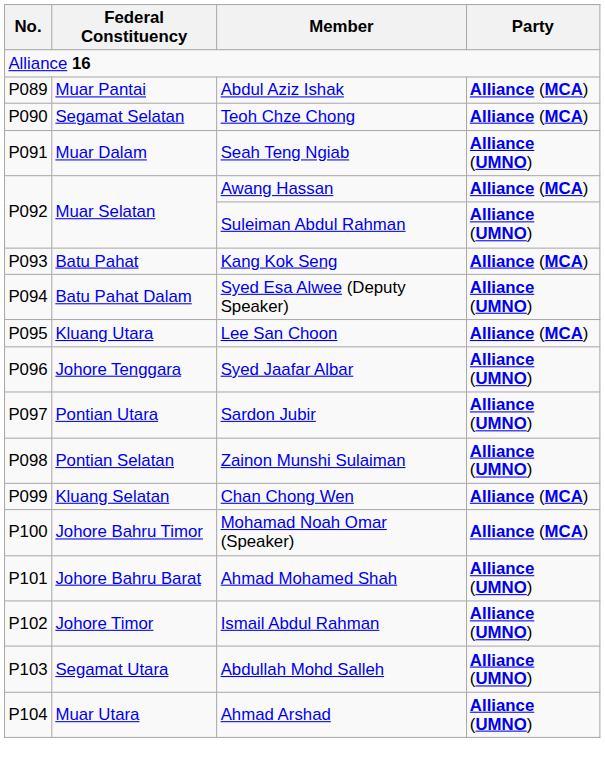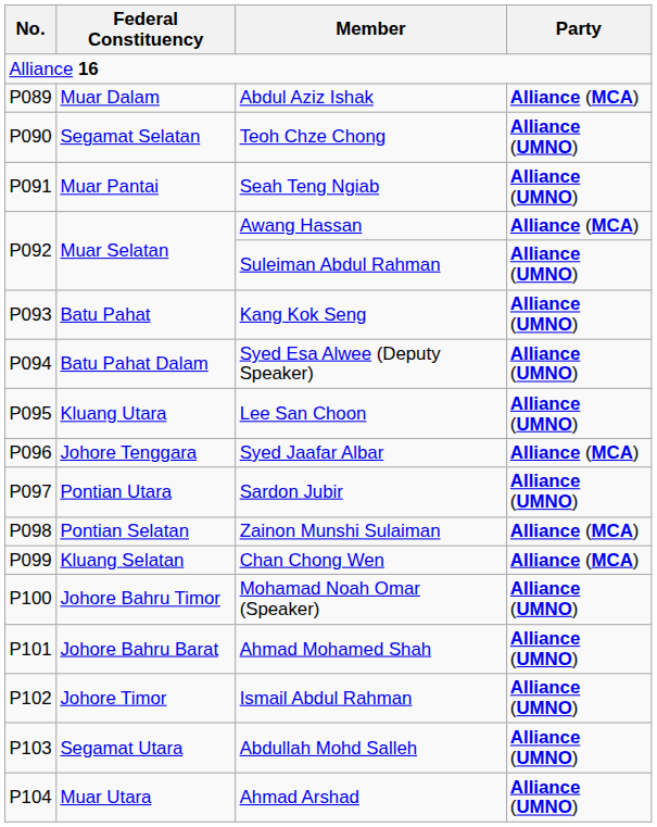 <table class="wikitable sortable">
 <tr>
 <th style="width:30px;">No.</th>
 <th style="width:150px;">Federal Constituency</th>
 <th style="width:230px;">Member</th>
 <th style="width:120px;">Party</th>
 </tr>
 <tr>
 <td colspan="4"><a href='#'>Alliance</a> <strong>16</strong></td>
 </tr>
 <tr>
 <td>P089</td>
-<td><a href='#'>Muar Pantai</a></td>
+<td><a href='#'>Muar Dalam</a></td>
 <td><a href='#'>Abdul Aziz Ishak</a></td>
 <td><strong><a href='#'>Alliance</a></strong> (<strong><a href='#'>MCA</a></strong>)</td>
 </tr>
 <tr>
 <td>P090</td>
 <td><a href='#'>Segamat Selatan</a></td>
 <td><a href='#'>Teoh Chze Chong</a></td>
-<td><strong><a href='#'>Alliance</a></strong> (<strong><a href='#'>MCA</a></strong>)</td>
+<td><strong><a href='#'>Alliance</a></strong> (<strong><a href='#'>UMNO</a></strong>)</td>
 </tr>
 <tr>
 <td>P091</td>
-<td><a href='#'>Muar Dalam</a></td>
+<td><a href='#'>Muar Pantai</a></td>
 <td><a href='#'>Seah Teng Ngiab</a></td>
 <td><strong><a href='#'>Alliance</a></strong> (<strong><a href='#'>UMNO</a></strong>)</td>
 </tr>
 <tr>
 <td rowspan=2>P092</td>
 <td rowspan=2><a href='#'>Muar Selatan</a></td>
 <td><a href='#'>Awang Hassan</a> </td>
 <td><strong><a href='#'>Alliance</a></strong> (<strong><a href='#'>MCA</a></strong>)</td>
 </tr>
 <tr>
 <td><a href='#'>Suleiman Abdul Rahman</a> </td>
 <td><strong><a href='#'>Alliance</a></strong> (<strong><a href='#'>UMNO</a></strong>)</td>
 </tr>
 <tr>
 <td>P093</td>
 <td><a href='#'>Batu Pahat</a></td>
 <td><a href='#'>Kang Kok Seng</a></td>
-<td><strong><a href='#'>Alliance</a></strong> (<strong><a href='#'>MCA</a></strong>)</td>
+<td><strong><a href='#'>Alliance</a></strong> (<strong><a href='#'>UMNO</a></strong>)</td>
 </tr>
 <tr>
 <td>P094</td>
 <td><a href='#'>Batu Pahat Dalam</a></td>
 <td><a href='#'>Syed Esa Alwee</a> (Deputy Speaker)</td>
 <td><strong><a href='#'>Alliance</a></strong> (<strong><a href='#'>UMNO</a></strong>)</td>
 </tr>
 <tr>
 <td>P095</td>
 <td><a href='#'>Kluang Utara</a></td>
 <td><a href='#'>Lee San Choon</a></td>
-<td><strong><a href='#'>Alliance</a></strong> (<strong><a href='#'>MCA</a></strong>)</td>
+<td><strong><a href='#'>Alliance</a></strong> (<strong><a href='#'>UMNO</a></strong>)</td>
 </tr>
 <tr>
 <td>P096</td>
 <td><a href='#'>Johore Tenggara</a></td>
 <td><a href='#'>Syed Jaafar Albar</a></td>
-<td><strong><a href='#'>Alliance</a></strong> (<strong><a href='#'>UMNO</a></strong>)</td>
+<td><strong><a href='#'>Alliance</a></strong> (<strong><a href='#'>MCA</a></strong>)</td>
 </tr>
 <tr>
 <td>P097</td>
 <td><a href='#'>Pontian Utara</a></td>
 <td><a href='#'>Sardon Jubir</a></td>
 <td><strong><a href='#'>Alliance</a></strong> (<strong><a href='#'>UMNO</a></strong>)</td>
 </tr>
 <tr>
 <td>P098</td>
 <td><a href='#'>Pontian Selatan</a></td>
 <td><a href='#'>Zainon Munshi Sulaiman</a></td>
-<td><strong><a href='#'>Alliance</a></strong> (<strong><a href='#'>UMNO</a></strong>)</td>
+<td><strong><a href='#'>Alliance</a></strong> (<strong><a href='#'>MCA</a></strong>)</td>
 </tr>
 <tr>
 <td>P099</td>
 <td><a href='#'>Kluang Selatan</a></td>
 <td><a href='#'>Chan Chong Wen</a></td>
 <td><strong><a href='#'>Alliance</a></strong> (<strong><a href='#'>MCA</a></strong>)</td>
 </tr>
 <tr>
 <td>P100</td>
 <td><a href='#'>Johore Bahru Timor</a></td>
 <td><a href='#'>Mohamad Noah Omar</a> (Speaker)</td>
-<td><strong><a href='#'>Alliance</a></strong> (<strong><a href='#'>MCA</a></strong>)</td>
+<td><strong><a href='#'>Alliance</a></strong> (<strong><a href='#'>UMNO</a></strong>)</td>
 </tr>
 <tr>
 <td>P101</td>
 <td><a href='#'>Johore Bahru Barat</a></td>
 <td><a href='#'>Ahmad Mohamed Shah</a></td>
 <td><strong><a href='#'>Alliance</a></strong> (<strong><a href='#'>UMNO</a></strong>)</td>
 </tr>
 <tr>
 <td>P102</td>
 <td><a href='#'>Johore Timor</a></td>
 <td><a href='#'>Ismail Abdul Rahman</a></td>
 <td><strong><a href='#'>Alliance</a></strong> (<strong><a href='#'>UMNO</a></strong>)</td>
 </tr>
 <tr>
 <td>P103</td>
 <td><a href='#'>Segamat Utara</a></td>
 <td><a href='#'>Abdullah Mohd Salleh</a></td>
 <td><strong><a href='#'>Alliance</a></strong> (<strong><a href='#'>UMNO</a></strong>)</td>
 </tr>
 <tr>
 <td>P104</td>
 <td><a href='#'>Muar Utara</a></td>
 <td><a href='#'>Ahmad Arshad</a></td>
 <td><strong><a href='#'>Alliance</a></strong> (<strong><a href='#'>UMNO</a></strong>)</td>
 </tr>
 </table>
